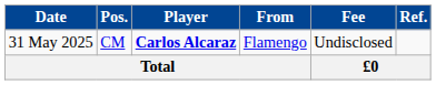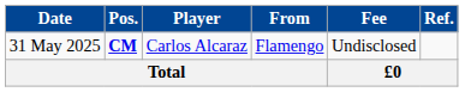 <table class="wikitable plainrowheaders sortable">
 <tr>
 <th style="background:#014593; color:white;">Date</th>
 <th style="background:#014593; color:white;">Pos.</th>
 <th style="background:#014593; color:white;">Player</th>
 <th style="background:#014593; color:white;">From</th>
 <th style="background:#014593; color:white;">Fee</th>
 <th style="background:#014593; color:white;">Ref.</th>
 </tr>
 <tr>
 <td>31 May 2025</td>
-<td><a href='#'>CM</a></td>
-<td><strong> <a href='#'>Carlos Alcaraz</a></strong></td>
+<td><strong><a href='#'>CM</a></strong></td>
+<td> <a href='#'>Carlos Alcaraz</a></td>
 <td> <a href='#'>Flamengo</a></td>
 <td>Undisclosed</td>
 <td></td>
 </tr>
 <tr>
 <th colspan="4">Total</th>
 <th colspan="3"> £0</th>
 </tr>
 </table>
